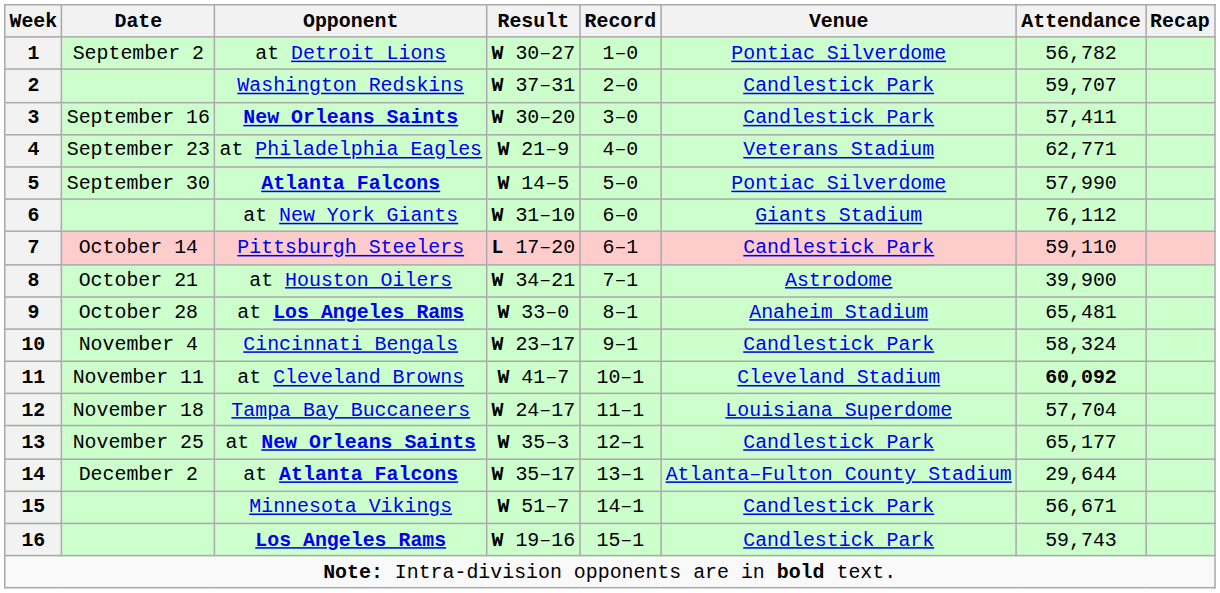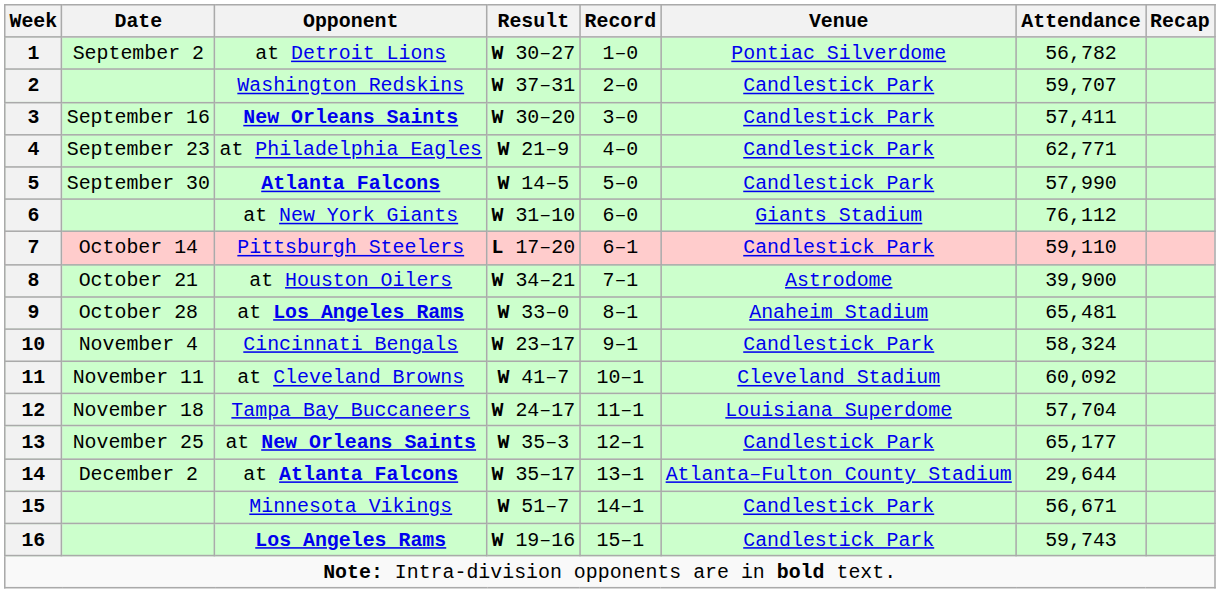 <table class="wikitable" style="text-align:center">
 <tr>
 <th>Week</th>
 <th>Date</th>
 <th>Opponent</th>
 <th>Result</th>
 <th>Record</th>
 <th>Venue</th>
 <th>Attendance</th>
 <th>Recap</th>
 </tr>
 <tr style="background:#cfc">
 <th>1</th>
 <td>September 2</td>
 <td>at <a href='#'>Detroit Lions</a></td>
 <td><strong>W</strong> 30–27</td>
 <td>1–0</td>
 <td><a href='#'>Pontiac Silverdome</a></td>
 <td>56,782</td>
 <td></td>
 </tr>
 <tr style="background:#cfc">
 <th>2</th>
 <td></td>
 <td><a href='#'>Washington Redskins</a></td>
 <td><strong>W</strong> 37–31</td>
 <td>2–0</td>
 <td><a href='#'>Candlestick Park</a></td>
 <td>59,707</td>
 <td></td>
 </tr>
 <tr style="background:#cfc">
 <th>3</th>
 <td>September 16</td>
 <td><strong><a href='#'>New Orleans Saints</a></strong></td>
 <td><strong>W</strong> 30–20</td>
 <td>3–0</td>
 <td><a href='#'>Candlestick Park</a></td>
 <td>57,411</td>
 <td></td>
 </tr>
 <tr style="background:#cfc">
 <th>4</th>
 <td>September 23</td>
 <td>at <a href='#'>Philadelphia Eagles</a></td>
 <td><strong>W</strong> 21–9</td>
 <td>4–0</td>
-<td><a href='#'>Veterans Stadium</a></td>
+<td><a href='#'>Candlestick Park</a></td>
 <td>62,771</td>
 <td></td>
 </tr>
 <tr style="background:#cfc">
 <th>5</th>
 <td>September 30</td>
 <td><strong><a href='#'>Atlanta Falcons</a></strong></td>
 <td><strong>W</strong> 14–5</td>
 <td>5–0</td>
-<td><a href='#'>Pontiac Silverdome</a></td>
+<td><a href='#'>Candlestick Park</a></td>
 <td>57,990</td>
 <td></td>
 </tr>
 <tr style="background:#cfc">
 <th>6</th>
 <td></td>
 <td>at <a href='#'>New York Giants</a></td>
 <td><strong>W</strong> 31–10</td>
 <td>6–0</td>
 <td><a href='#'>Giants Stadium</a></td>
 <td>76,112</td>
 <td></td>
 </tr>
 <tr style="background:#fcc">
 <th>7</th>
 <td>October 14</td>
 <td><a href='#'>Pittsburgh Steelers</a></td>
 <td><strong>L</strong> 17–20</td>
 <td>6–1</td>
 <td><a href='#'>Candlestick Park</a></td>
 <td>59,110</td>
 <td></td>
 </tr>
 <tr style="background:#cfc">
 <th>8</th>
 <td>October 21</td>
 <td>at <a href='#'>Houston Oilers</a></td>
 <td><strong>W</strong> 34–21</td>
 <td>7–1</td>
 <td><a href='#'>Astrodome</a></td>
 <td>39,900</td>
 <td></td>
 </tr>
 <tr style="background:#cfc">
 <th>9</th>
 <td>October 28</td>
 <td>at <strong><a href='#'>Los Angeles Rams</a></strong></td>
 <td><strong>W</strong> 33–0</td>
 <td>8–1</td>
 <td><a href='#'>Anaheim Stadium</a></td>
 <td>65,481</td>
 <td></td>
 </tr>
 <tr style="background:#cfc">
 <th>10</th>
 <td>November 4</td>
 <td><a href='#'>Cincinnati Bengals</a></td>
 <td><strong>W</strong> 23–17</td>
 <td>9–1</td>
 <td><a href='#'>Candlestick Park</a></td>
 <td>58,324</td>
 <td></td>
 </tr>
 <tr style="background:#cfc">
 <th>11</th>
 <td>November 11</td>
 <td>at <a href='#'>Cleveland Browns</a></td>
 <td><strong>W</strong> 41–7</td>
 <td>10–1</td>
 <td><a href='#'>Cleveland Stadium</a></td>
-<td><strong>60,092</strong></td>
+<td>60,092</td>
 <td></td>
 </tr>
 <tr style="background:#cfc">
 <th>12</th>
 <td>November 18</td>
 <td><a href='#'>Tampa Bay Buccaneers</a></td>
 <td><strong>W</strong> 24–17</td>
 <td>11–1</td>
 <td><a href='#'>Louisiana Superdome</a></td>
 <td>57,704</td>
 <td></td>
 </tr>
 <tr style="background:#cfc">
 <th>13</th>
 <td>November 25</td>
 <td>at <strong><a href='#'>New Orleans Saints</a></strong></td>
 <td><strong>W</strong> 35–3</td>
 <td>12–1</td>
 <td><a href='#'>Candlestick Park</a></td>
 <td>65,177</td>
 <td></td>
 </tr>
 <tr style="background:#cfc">
 <th>14</th>
 <td>December 2</td>
 <td>at <strong><a href='#'>Atlanta Falcons</a></strong></td>
 <td><strong>W</strong> 35–17</td>
 <td>13–1</td>
 <td><a href='#'>Atlanta–Fulton County Stadium</a></td>
 <td>29,644</td>
 <td></td>
 </tr>
 <tr style="background:#cfc">
 <th>15</th>
 <td></td>
 <td><a href='#'>Minnesota Vikings</a></td>
 <td><strong>W</strong> 51–7</td>
 <td>14–1</td>
 <td><a href='#'>Candlestick Park</a></td>
 <td>56,671</td>
 <td></td>
 </tr>
 <tr style="background:#cfc">
 <th>16</th>
 <td></td>
 <td><strong><a href='#'>Los Angeles Rams</a></strong></td>
 <td><strong>W</strong> 19–16</td>
 <td>15–1</td>
 <td><a href='#'>Candlestick Park</a></td>
 <td>59,743</td>
 <td></td>
 </tr>
 <tr>
 <td colspan="8"><strong>Note:</strong> Intra-division opponents are in <strong>bold</strong> text.</td>
 </tr>
 </table>
